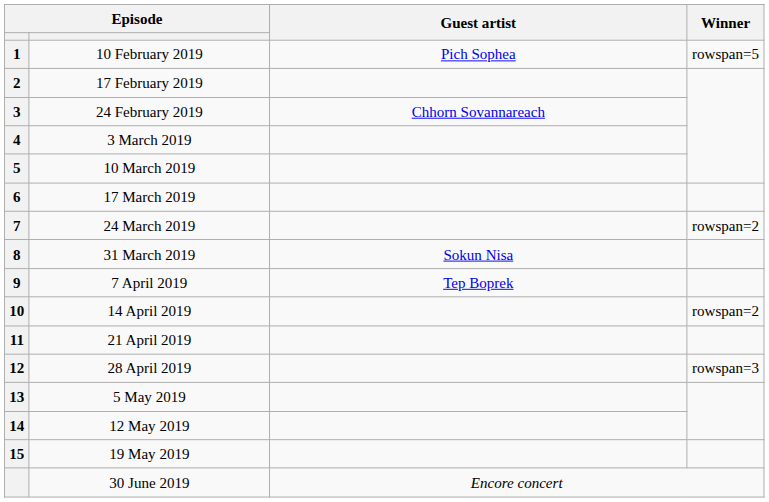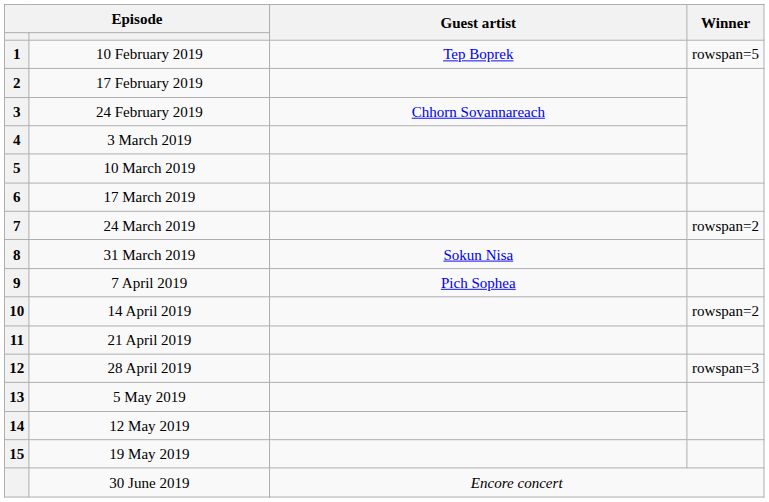 <table class="wikitable plainrowheaders mw-collapsible" style="text-align:center; line-height:23px; width:64%;">
 <tr>
 <th colspan="2" width="24%">Episode</th>
 <th rowspan="2" width="40%">Guest artist</th>
 <th rowspan="2" width="1%">Winner</th>
 </tr>
 <tr>
 <th width="01%"></th>
 <th></th>
 </tr>
 <tr>
 <th>1</th>
 <td>10 February 2019</td>
-<td><a href='#'>Pich Sophea</a></td>
+<td><a href='#'>Tep Boprek</a></td>
 <td>rowspan=5 </td>
 </tr>
 <tr>
 <th>2</th>
 <td>17 February 2019</td>
 <td></td>
 </tr>
 <tr>
 <th>3</th>
 <td>24 February 2019</td>
 <td><a href='#'>Chhorn Sovannareach</a></td>
 </tr>
 <tr>
 <th>4</th>
 <td>3 March 2019</td>
 <td></td>
 </tr>
 <tr>
 <th>5</th>
 <td>10 March 2019</td>
 <td></td>
 </tr>
 <tr>
 <th>6</th>
 <td>17 March 2019</td>
 <td></td>
 <td></td>
 </tr>
 <tr>
 <th>7</th>
 <td>24 March 2019</td>
 <td></td>
 <td>rowspan=2 </td>
 </tr>
 <tr>
 <th>8</th>
 <td>31 March 2019</td>
 <td><a href='#'>Sokun Nisa</a></td>
 </tr>
 <tr>
 <th>9</th>
 <td>7 April 2019</td>
-<td><a href='#'>Tep Boprek</a></td>
+<td><a href='#'>Pich Sophea</a></td>
 <td></td>
 </tr>
 <tr>
 <th>10</th>
 <td>14 April 2019</td>
 <td></td>
 <td>rowspan=2 </td>
 </tr>
 <tr>
 <th>11</th>
 <td>21 April 2019</td>
 <td></td>
 </tr>
 <tr>
 <th>12</th>
 <td>28 April 2019</td>
 <td></td>
 <td>rowspan=3 </td>
 </tr>
 <tr>
 <th>13</th>
 <td>5 May 2019</td>
 <td></td>
 </tr>
 <tr>
 <th>14</th>
 <td>12 May 2019</td>
 <td></td>
 </tr>
 <tr>
 <th>15</th>
 <td>19 May 2019</td>
 <td></td>
 <td></td>
 </tr>
 <tr>
 <th></th>
 <td>30 June 2019</td>
 <td colspan=2><em>Encore concert</em></td>
 </tr>
 </table>
